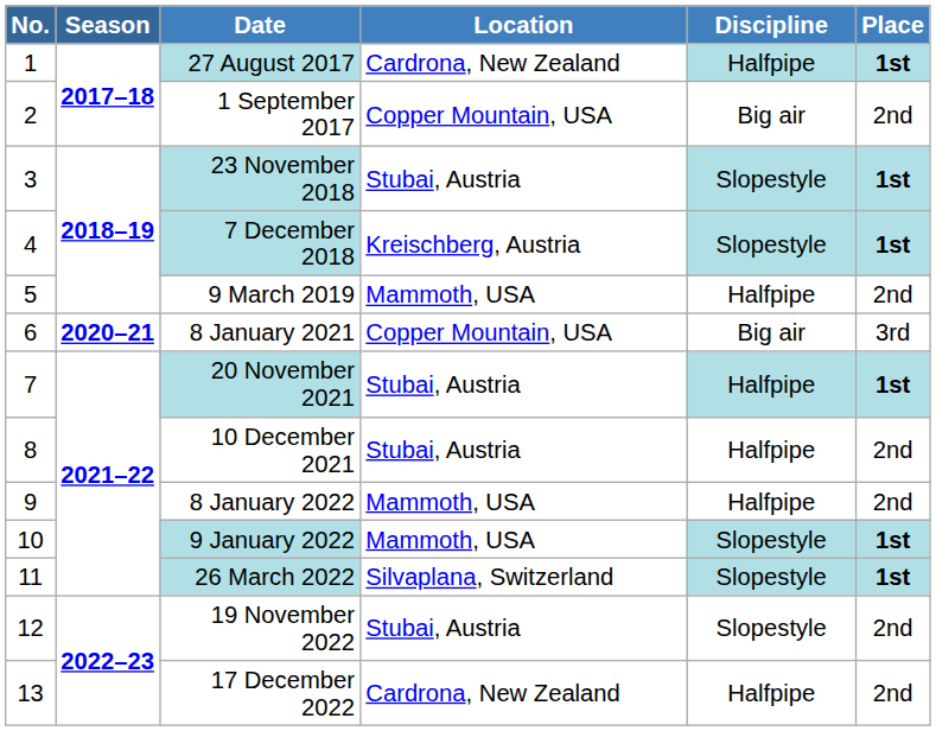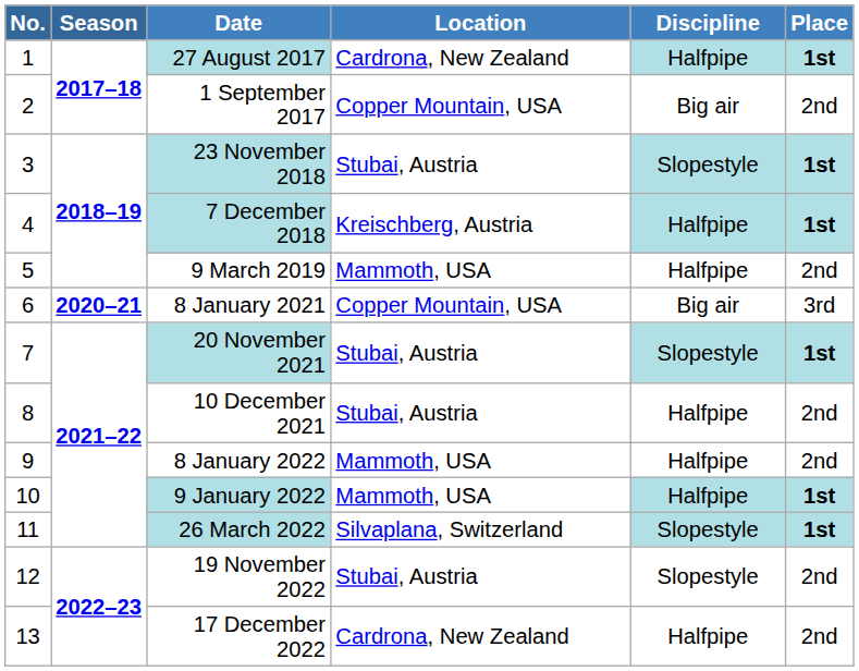 <table class="wikitable sortable" style="font-size:95%; text-align:center; border:grey solid 1px; border-collapse:collapse; background:#ffffff;">
 <tr style="background:#efefef;">
 <th style="background-color:#369; color:white;"><strong>No.</strong></th>
 <th style="background-color:#369; color:white;"><strong>Season</strong></th>
 <th style="background-color:#4180be; color:white; width:120px;"><strong>Date</strong></th>
 <th style="background-color:#4180be; color:white; width:200px;"><strong>Location</strong></th>
 <th style="background-color:#4180be; color:white; width:100px;"><strong>Discipline</strong></th>
 <th style="background-color:#4180be; color:white;"><strong>Place</strong></th>
 </tr>
 <tr>
 <td align=center>1</td>
 <td rowspan=2 align=center><strong><a href='#'>2017–18</a></strong></td>
 <td bgcolor="#BOEOE6" align=right>27 August 2017</td>
 <td align=left> <a href='#'>Cardrona</a>, New Zealand</td>
 <td bgcolor="#BOEOE6">Halfpipe</td>
 <td bgcolor="#BOEOE6"><strong>1st</strong></td>
 </tr>
 <tr>
 <td align=center>2</td>
 <td align=right>1 September 2017</td>
 <td align=left> <a href='#'>Copper Mountain</a>, USA</td>
 <td>Big air</td>
 <td>2nd</td>
 </tr>
 <tr>
 <td align=center>3</td>
 <td rowspan=3><strong><a href='#'>2018–19</a></strong></td>
 <td bgcolor="#BOEOE6" align=right>23 November 2018</td>
 <td align=left> <a href='#'>Stubai</a>, Austria</td>
 <td bgcolor="#BOEOE6">Slopestyle</td>
 <td bgcolor="#BOEOE6"><strong>1st</strong></td>
 </tr>
 <tr>
 <td align=center>4</td>
 <td bgcolor="#BOEOE6" align=right>7 December 2018</td>
 <td align=left> <a href='#'>Kreischberg</a>, Austria</td>
-<td bgcolor="#BOEOE6">Slopestyle</td>
+<td bgcolor="#BOEOE6">Halfpipe</td>
 <td bgcolor="#BOEOE6"><strong>1st</strong></td>
 </tr>
 <tr>
 <td align=center>5</td>
 <td align=right>9 March 2019</td>
 <td align=left> <a href='#'>Mammoth</a>, USA</td>
 <td>Halfpipe</td>
 <td>2nd</td>
 </tr>
 <tr>
 <td align=center>6</td>
 <td><strong><a href='#'>2020–21</a></strong></td>
 <td align=right>8 January 2021</td>
 <td align=left> <a href='#'>Copper Mountain</a>, USA</td>
 <td>Big air</td>
 <td>3rd</td>
 </tr>
 <tr>
 <td align=center>7</td>
 <td rowspan=5><strong><a href='#'>2021–22</a></strong></td>
 <td bgcolor="#BOEOE6" align=right>20 November 2021</td>
 <td align=left> <a href='#'>Stubai</a>, Austria</td>
-<td bgcolor="#BOEOE6">Halfpipe</td>
+<td bgcolor="#BOEOE6">Slopestyle</td>
 <td bgcolor="#BOEOE6"><strong>1st</strong></td>
 </tr>
 <tr>
 <td align=center>8</td>
 <td align=right>10 December 2021</td>
 <td align=left> <a href='#'>Stubai</a>, Austria</td>
 <td>Halfpipe</td>
 <td>2nd</td>
 </tr>
 <tr>
 <td align=center>9</td>
 <td align=right>8 January 2022</td>
 <td align=left> <a href='#'>Mammoth</a>, USA</td>
 <td>Halfpipe</td>
 <td>2nd</td>
 </tr>
 <tr>
 <td align=center>10</td>
 <td bgcolor="#BOEOE6" align=right>9 January 2022</td>
 <td align=left> <a href='#'>Mammoth</a>, USA</td>
-<td bgcolor="#BOEOE6">Slopestyle</td>
+<td bgcolor="#BOEOE6">Halfpipe</td>
 <td bgcolor="#BOEOE6"><strong>1st</strong></td>
 </tr>
 <tr>
 <td align=center>11</td>
 <td bgcolor="#BOEOE6" align=right>26 March 2022</td>
 <td align=left> <a href='#'>Silvaplana</a>, Switzerland</td>
 <td bgcolor="#BOEOE6">Slopestyle</td>
 <td bgcolor="#BOEOE6"><strong>1st</strong></td>
 </tr>
 <tr>
 <td align=center>12</td>
 <td rowspan=2><strong><a href='#'>2022–23</a></strong></td>
 <td align=right>19 November 2022</td>
 <td align=left> <a href='#'>Stubai</a>, Austria</td>
 <td>Slopestyle</td>
 <td>2nd</td>
 </tr>
 <tr>
 <td align=center>13</td>
 <td align=right>17 December 2022</td>
 <td align=left> <a href='#'>Cardrona</a>, New Zealand</td>
 <td>Halfpipe</td>
 <td>2nd</td>
 </tr>
 </table>
